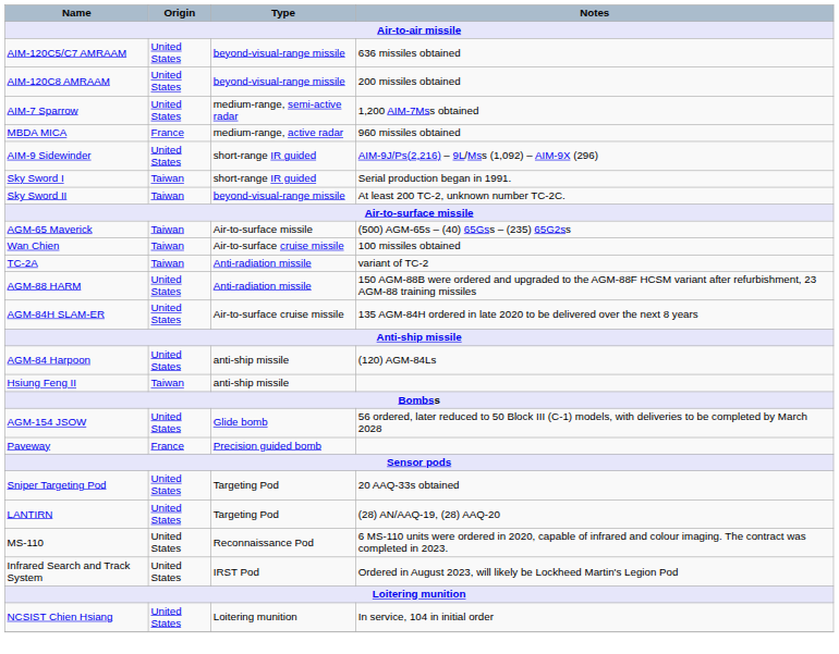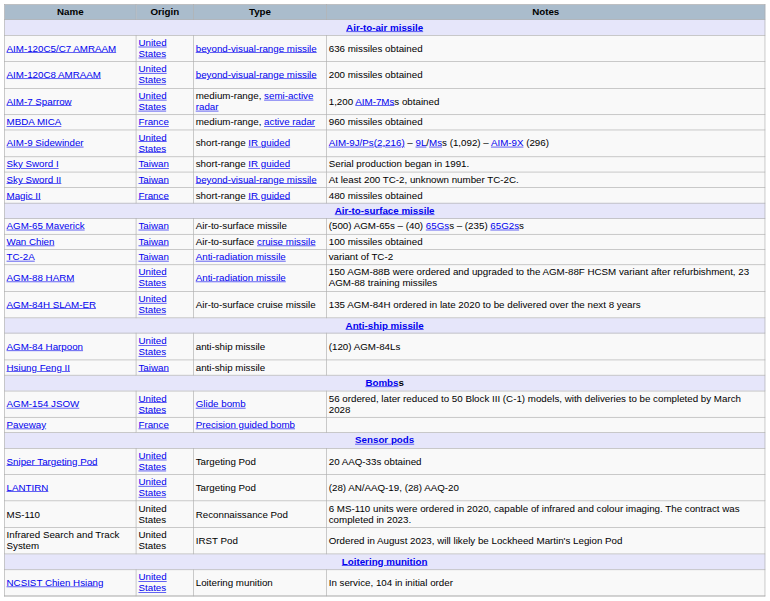 <table class="wikitable">
 <tr>
 <th style="text-align:center; background:#aabccc;">Name</th>
 <th style="text-align: center; background:#aabccc;">Origin</th>
 <th style="text-align:l center; background:#aabccc;">Type</th>
 <th style="text-align: center; background:#aabccc;">Notes</th>
 </tr>
 <tr>
 <th colspan="4" style="align: center; background: lavender;"><a href='#'>Air-to-air missile</a></th>
 </tr>
 <tr>
 <td><a href='#'>AIM-120C5/C7 AMRAAM</a></td>
 <td><a href='#'>United States</a></td>
 <td><a href='#'>beyond-visual-range missile</a></td>
 <td>636 missiles obtained</td>
 </tr>
 <tr>
 <td><a href='#'>AIM-120C8 AMRAAM</a></td>
 <td><a href='#'>United States</a></td>
 <td><a href='#'>beyond-visual-range missile</a></td>
 <td>200 missiles obtained</td>
 </tr>
 <tr>
 <td><a href='#'>AIM-7 Sparrow</a></td>
 <td><a href='#'>United States</a></td>
 <td>medium-range, <a href='#'>semi-active radar</a></td>
 <td>1,200 <a href='#'>AIM-7Ms</a>s obtained</td>
 </tr>
 <tr>
 <td><a href='#'>MBDA MICA</a></td>
 <td><a href='#'>France</a></td>
 <td>medium-range, <a href='#'>active radar</a></td>
 <td>960 missiles obtained</td>
 </tr>
 <tr>
 <td><a href='#'>AIM-9 Sidewinder</a></td>
 <td><a href='#'>United States</a></td>
 <td>short-range <a href='#'>IR guided</a></td>
 <td><a href='#'>AIM-</a><a href='#'>9J/Ps(2,216)</a> – <a href='#'>9L</a>/<a href='#'>Ms</a>s (1,092) – <a href='#'>AIM-9X</a> (296)</td>
 </tr>
 <tr>
 <td><a href='#'>Sky Sword I</a></td>
 <td><a href='#'>Taiwan</a></td>
 <td>short-range <a href='#'>IR guided</a></td>
 <td>Serial production began in 1991.</td>
 </tr>
 <tr>
 <td><a href='#'>Sky Sword II</a></td>
 <td><a href='#'>Taiwan</a></td>
 <td><a href='#'>beyond-visual-range missile</a></td>
 <td>At least 200 TC-2, unknown number TC-2C.</td>
+</tr>
+<tr>
+<td><a href='#'>Magic II</a></td>
+<td><a href='#'>France</a></td>
+<td>short-range <a href='#'>IR guided</a></td>
+<td>480 missiles obtained</td>
 </tr>
 <tr>
 <th colspan="4" style="align: center; background: lavender;"><a href='#'>Air-to-surface missile</a></th>
 </tr>
 <tr>
 <td><a href='#'>AGM-65 Maverick</a></td>
 <td><a href='#'>Taiwan</a></td>
 <td>Air-to-surface missile</td>
 <td>(500) AGM-65s – (40) <a href='#'>65Gs</a>s  – (235) <a href='#'>65G2s</a>s</td>
 </tr>
 <tr>
 <td><a href='#'>Wan Chien</a></td>
 <td><a href='#'>Taiwan</a></td>
 <td>Air-to-surface <a href='#'>cruise missile</a></td>
 <td>100 missiles obtained</td>
 </tr>
 <tr>
 <td><a href='#'>TC-2A</a></td>
 <td><a href='#'>Taiwan</a></td>
 <td><a href='#'>Anti-radiation missile</a></td>
 <td>variant of TC-2</td>
 </tr>
 <tr>
 <td><a href='#'>AGM-88 HARM</a></td>
 <td><a href='#'>United States</a></td>
 <td><a href='#'>Anti-radiation missile</a></td>
 <td>150 AGM-88B were ordered and upgraded to the AGM-88F HCSM variant after refurbishment, 23 AGM-88 training missiles</td>
 </tr>
 <tr>
 <td><a href='#'>AGM-84H SLAM-ER</a></td>
 <td><a href='#'>United States</a></td>
 <td>Air-to-surface cruise missile</td>
 <td>135 AGM-84H ordered in late 2020 to be delivered over the next 8 years</td>
 </tr>
 <tr>
 <th colspan="4" style="align: center; background: lavender;"><a href='#'>Anti-ship missile</a></th>
 </tr>
 <tr>
 <td><a href='#'>AGM-84 Harpoon</a></td>
 <td><a href='#'>United States</a></td>
 <td>anti-ship missile</td>
 <td>(120) AGM-84Ls</td>
 </tr>
 <tr>
 <td><a href='#'>Hsiung Feng II</a></td>
 <td><a href='#'>Taiwan</a></td>
 <td>anti-ship missile</td>
 <td></td>
 </tr>
 <tr>
 <th colspan="4" style="align: center; background: lavender;"><a href='#'>Bombs</a>s</th>
 </tr>
 <tr>
 <td><a href='#'>AGM-154 JSOW</a></td>
 <td><a href='#'>United States</a></td>
 <td><a href='#'>Glide bomb</a></td>
 <td>56 ordered, later reduced to 50 Block III (C-1) models, with deliveries to be completed by March 2028 </td>
 </tr>
 <tr>
 <td><a href='#'>Paveway</a></td>
 <td><a href='#'>France</a></td>
 <td><a href='#'>Precision guided bomb</a></td>
 <td></td>
 </tr>
 <tr>
 <th colspan="4" style="align: center; background: lavender;"><a href='#'>Sensor pods</a></th>
 </tr>
 <tr>
 <td><a href='#'>Sniper Targeting Pod</a></td>
 <td><a href='#'>United States</a></td>
 <td>Targeting Pod</td>
 <td>20 AAQ-33s obtained</td>
 </tr>
 <tr>
 <td><a href='#'>LANTIRN</a></td>
 <td><a href='#'>United States</a></td>
 <td>Targeting Pod</td>
 <td>(28) AN/AAQ-19, (28) AAQ-20</td>
 </tr>
 <tr>
 <td>MS-110</td>
 <td>United States</td>
 <td>Reconnaissance Pod</td>
 <td>6 MS-110 units were ordered in 2020, capable of infrared and colour imaging. The contract was completed in 2023.</td>
 </tr>
 <tr>
 <td>Infrared Search and Track System</td>
 <td>United States</td>
 <td>IRST Pod</td>
 <td>Ordered in August 2023, will likely be Lockheed Martin's Legion Pod</td>
 </tr>
 <tr>
 <th colspan="4" style="align: center; background: lavender;"><a href='#'>Loitering munition</a></th>
 </tr>
 <tr>
 <td><a href='#'>NCSIST Chien Hsiang</a></td>
 <td><a href='#'>United States</a></td>
 <td>Loitering munition</td>
 <td>In service, 104 in initial order</td>
 </tr>
 <tr>
 </tr>
 </table>
